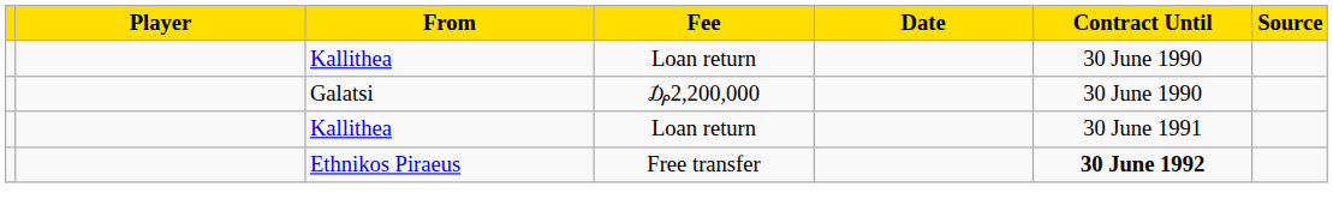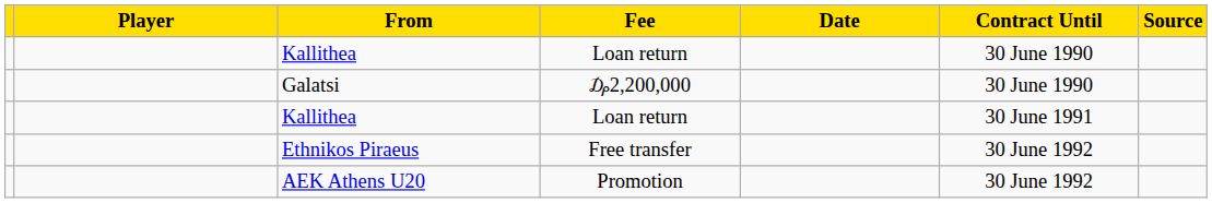 <table class="wikitable sortable">
 <tr>
 <th style="background:#FFDE00"></th>
 <th width=200 style="background:#FFDE00">Player</th>
 <th width=200 style="background:#FFDE00">From</th>
 <th width=150 style="background:#FFDE00">Fee</th>
 <th width=150 style="background:#FFDE00">Date</th>
 <th width=150 style="background:#FFDE00">Contract Until</th>
 <th style="background:#FFDE00">Source</th>
 </tr>
 <tr>
 <td align=center></td>
 <td></td>
 <td> <a href='#'>Kallithea</a></td>
 <td align=center>Loan return</td>
 <td align=center></td>
 <td align=center>30 June 1990</td>
 <td align=center></td>
 </tr>
 <tr>
 <td align=center></td>
 <td></td>
 <td> Galatsi</td>
 <td align=center>₯2,200,000</td>
 <td align=center></td>
 <td align=center>30 June 1990</td>
 <td align=center></td>
 </tr>
 <tr>
 <td align=center></td>
 <td></td>
 <td> <a href='#'>Kallithea</a></td>
 <td align=center>Loan return</td>
 <td align=center></td>
 <td align=center>30 June 1991</td>
 <td align=center></td>
 </tr>
 <tr>
 <td align=center></td>
 <td></td>
 <td> <a href='#'>Ethnikos Piraeus</a></td>
 <td align=center>Free transfer</td>
 <td align=center></td>
-<td align=center><strong>30 June 1992</strong></td>
+<td align=center>30 June 1992</td>
+<td align=center></td>
+</tr>
+<tr>
+<td align=center></td>
+<td></td>
+<td> <a href='#'>AEK Athens U20</a></td>
+<td align=center>Promotion</td>
+<td align=center></td>
+<td align=center>30 June 1992</td>
 <td align=center></td>
 </tr>
 </table>
